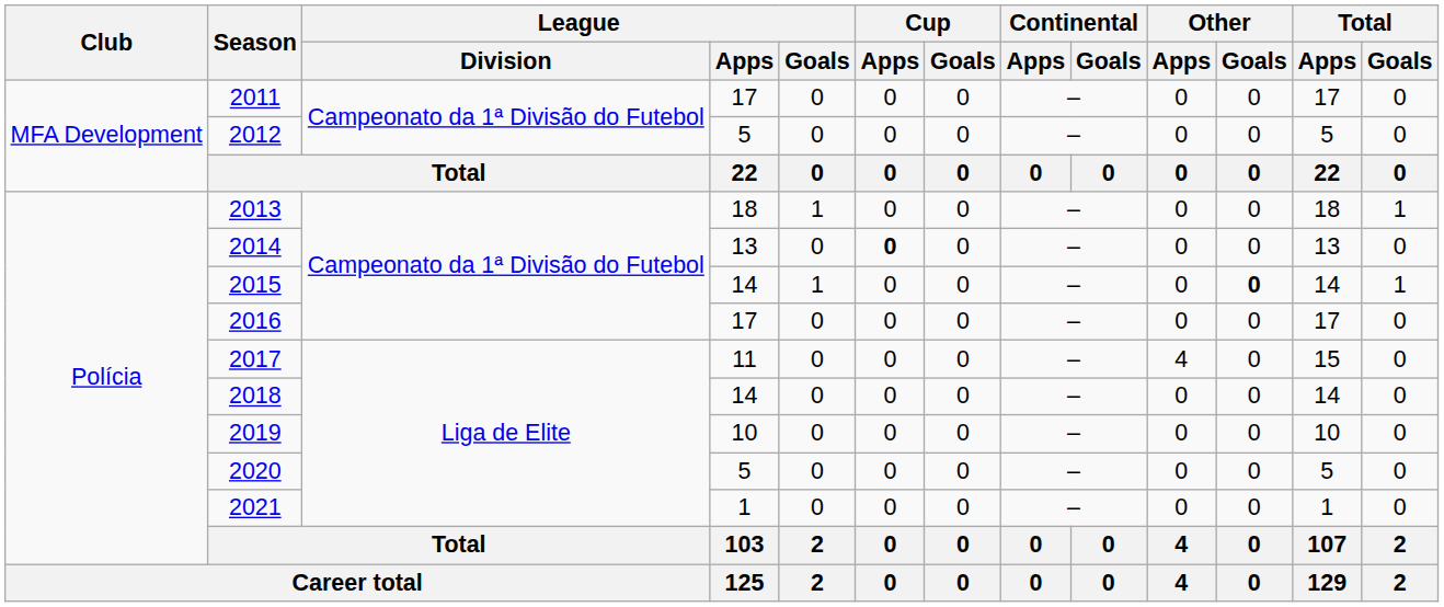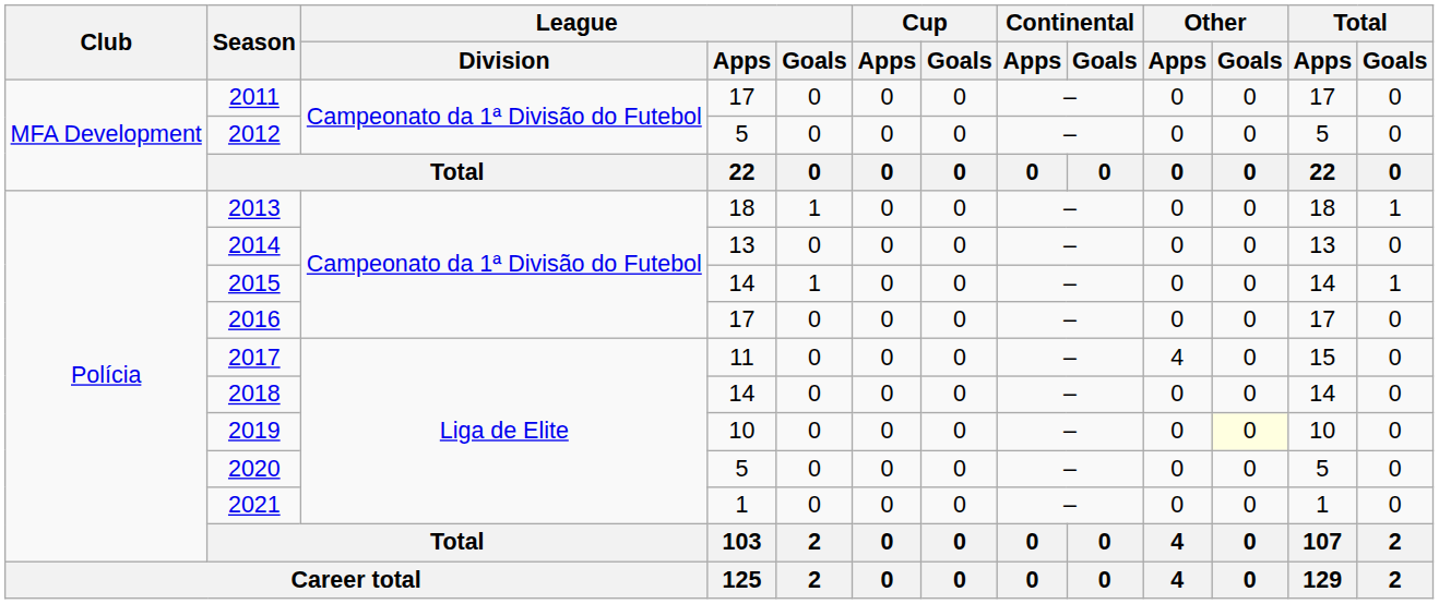 <table class="wikitable" style="text-align: center">
 <tr>
 <th rowspan="2">Club</th>
 <th rowspan="2">Season</th>
 <th colspan="3">League</th>
 <th colspan="2">Cup</th>
 <th colspan="2">Continental</th>
 <th colspan="2">Other</th>
 <th colspan="2">Total</th>
 </tr>
 <tr>
 <th>Division</th>
 <th>Apps</th>
 <th>Goals</th>
 <th>Apps</th>
 <th>Goals</th>
 <th>Apps</th>
 <th>Goals</th>
 <th>Apps</th>
 <th>Goals</th>
 <th>Apps</th>
 <th>Goals</th>
 </tr>
 <tr>
 <td rowspan="3"><a href='#'>MFA Development</a></td>
 <td><a href='#'>2011</a></td>
 <td rowspan="2"><a href='#'>Campeonato da 1ª Divisão do Futebol</a></td>
 <td>17</td>
 <td>0</td>
 <td>0</td>
 <td>0</td>
 <td colspan="2">–</td>
 <td>0</td>
 <td>0</td>
 <td>17</td>
 <td>0</td>
 </tr>
 <tr>
 <td><a href='#'>2012</a></td>
 <td>5</td>
 <td>0</td>
 <td>0</td>
 <td>0</td>
 <td colspan="2">–</td>
 <td>0</td>
 <td>0</td>
 <td>5</td>
 <td>0</td>
 </tr>
 <tr>
 <th colspan="2"><strong>Total</strong></th>
 <th>22</th>
 <th>0</th>
 <th>0</th>
 <th>0</th>
 <th>0</th>
 <th>0</th>
 <th>0</th>
 <th>0</th>
 <th>22</th>
 <th>0</th>
 </tr>
 <tr>
 <td rowspan="10"><a href='#'>Polícia</a></td>
 <td><a href='#'>2013</a></td>
 <td rowspan="4"><a href='#'>Campeonato da 1ª Divisão do Futebol</a></td>
 <td>18</td>
 <td>1</td>
 <td>0</td>
 <td>0</td>
 <td colspan="2">–</td>
 <td>0</td>
 <td>0</td>
 <td>18</td>
 <td>1</td>
 </tr>
 <tr>
 <td><a href='#'>2014</a></td>
 <td>13</td>
 <td>0</td>
-<td><strong>0</strong></td>
+<td>0</td>
 <td>0</td>
 <td colspan="2">–</td>
 <td>0</td>
 <td>0</td>
 <td>13</td>
 <td>0</td>
 </tr>
 <tr>
 <td><a href='#'>2015</a></td>
 <td>14</td>
 <td>1</td>
 <td>0</td>
 <td>0</td>
 <td colspan="2">–</td>
 <td>0</td>
-<td><strong>0</strong></td>
+<td>0</td>
 <td>14</td>
 <td>1</td>
 </tr>
 <tr>
 <td><a href='#'>2016</a></td>
 <td>17</td>
 <td>0</td>
 <td>0</td>
 <td>0</td>
 <td colspan="2">–</td>
 <td>0</td>
 <td>0</td>
 <td>17</td>
 <td>0</td>
 </tr>
 <tr>
 <td><a href='#'>2017</a></td>
 <td rowspan="5"><a href='#'>Liga de Elite</a></td>
 <td>11</td>
 <td>0</td>
 <td>0</td>
 <td>0</td>
 <td colspan="2">–</td>
 <td>4</td>
 <td>0</td>
 <td>15</td>
 <td>0</td>
 </tr>
 <tr>
 <td><a href='#'>2018</a></td>
 <td>14</td>
 <td>0</td>
 <td>0</td>
 <td>0</td>
 <td colspan="2">–</td>
 <td>0</td>
 <td>0</td>
 <td>14</td>
 <td>0</td>
 </tr>
 <tr>
 <td><a href='#'>2019</a></td>
 <td>10</td>
 <td>0</td>
 <td>0</td>
 <td>0</td>
 <td colspan="2">–</td>
 <td>0</td>
-<td>0</td>
+<td style="background: lightyellow;">0</td>
 <td>10</td>
 <td>0</td>
 </tr>
 <tr>
 <td><a href='#'>2020</a></td>
 <td>5</td>
 <td>0</td>
 <td>0</td>
 <td>0</td>
 <td colspan="2">–</td>
 <td>0</td>
 <td>0</td>
 <td>5</td>
 <td>0</td>
 </tr>
 <tr>
 <td><a href='#'>2021</a></td>
 <td>1</td>
 <td>0</td>
 <td>0</td>
 <td>0</td>
 <td colspan="2">–</td>
 <td>0</td>
 <td>0</td>
 <td>1</td>
 <td>0</td>
 </tr>
 <tr>
 <th colspan="2"><strong>Total</strong></th>
 <th>103</th>
 <th>2</th>
 <th>0</th>
 <th>0</th>
 <th>0</th>
 <th>0</th>
 <th>4</th>
 <th>0</th>
 <th>107</th>
 <th>2</th>
 </tr>
 <tr>
 <th colspan="3"><strong>Career total</strong></th>
 <th>125</th>
 <th>2</th>
 <th>0</th>
 <th>0</th>
 <th>0</th>
 <th>0</th>
 <th>4</th>
 <th>0</th>
 <th>129</th>
 <th>2</th>
 </tr>
 </table>
